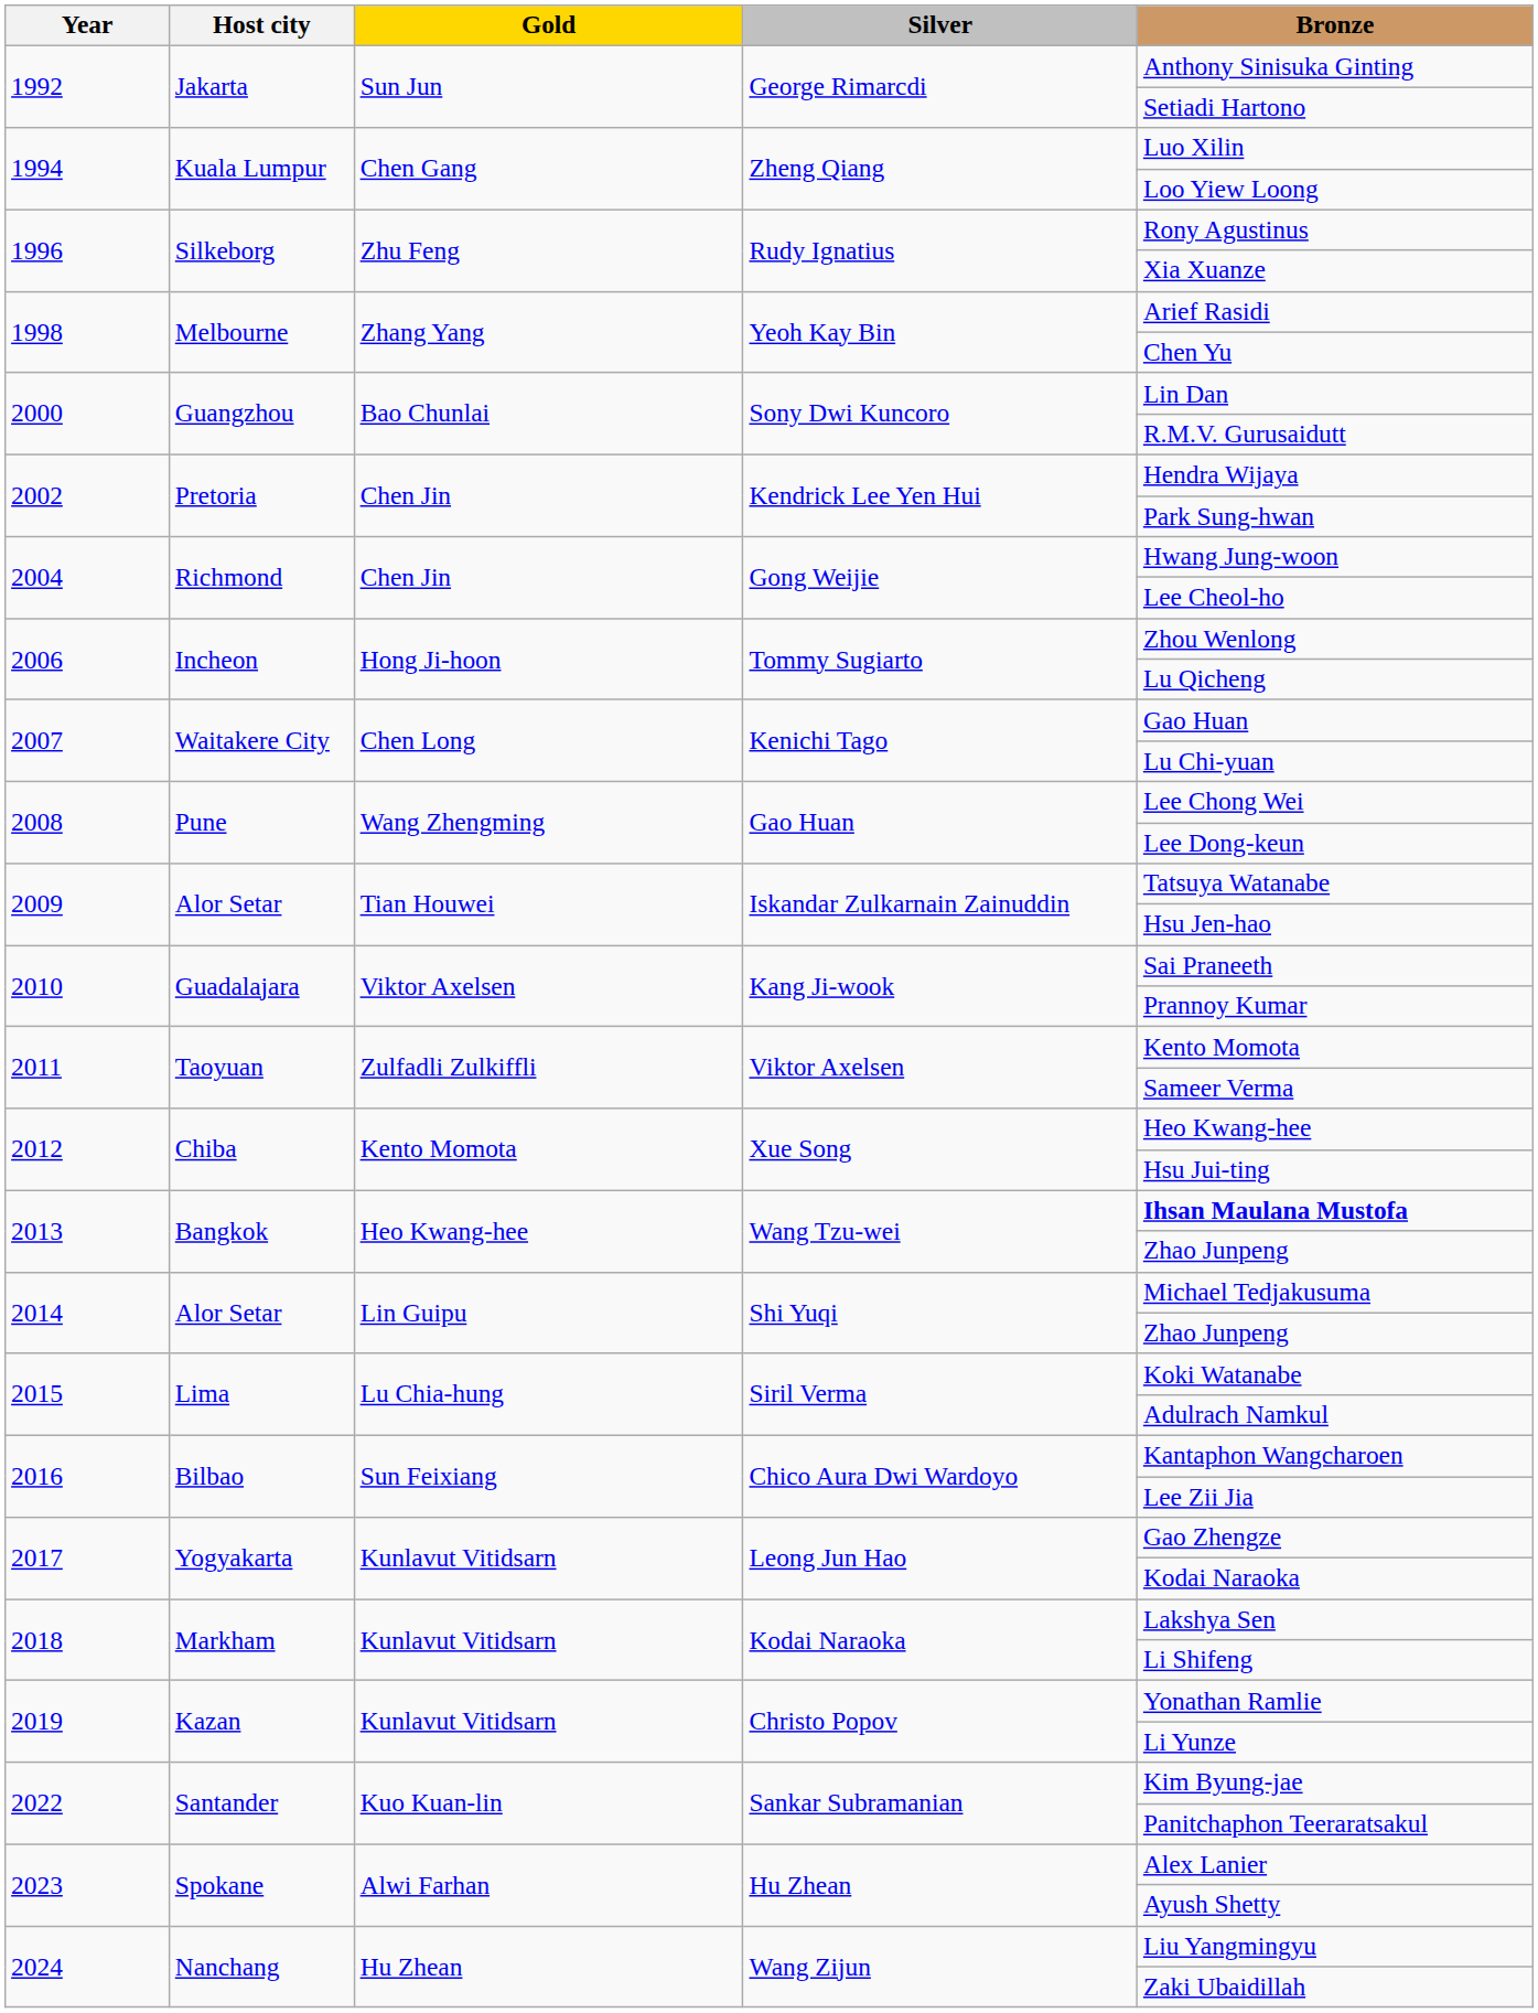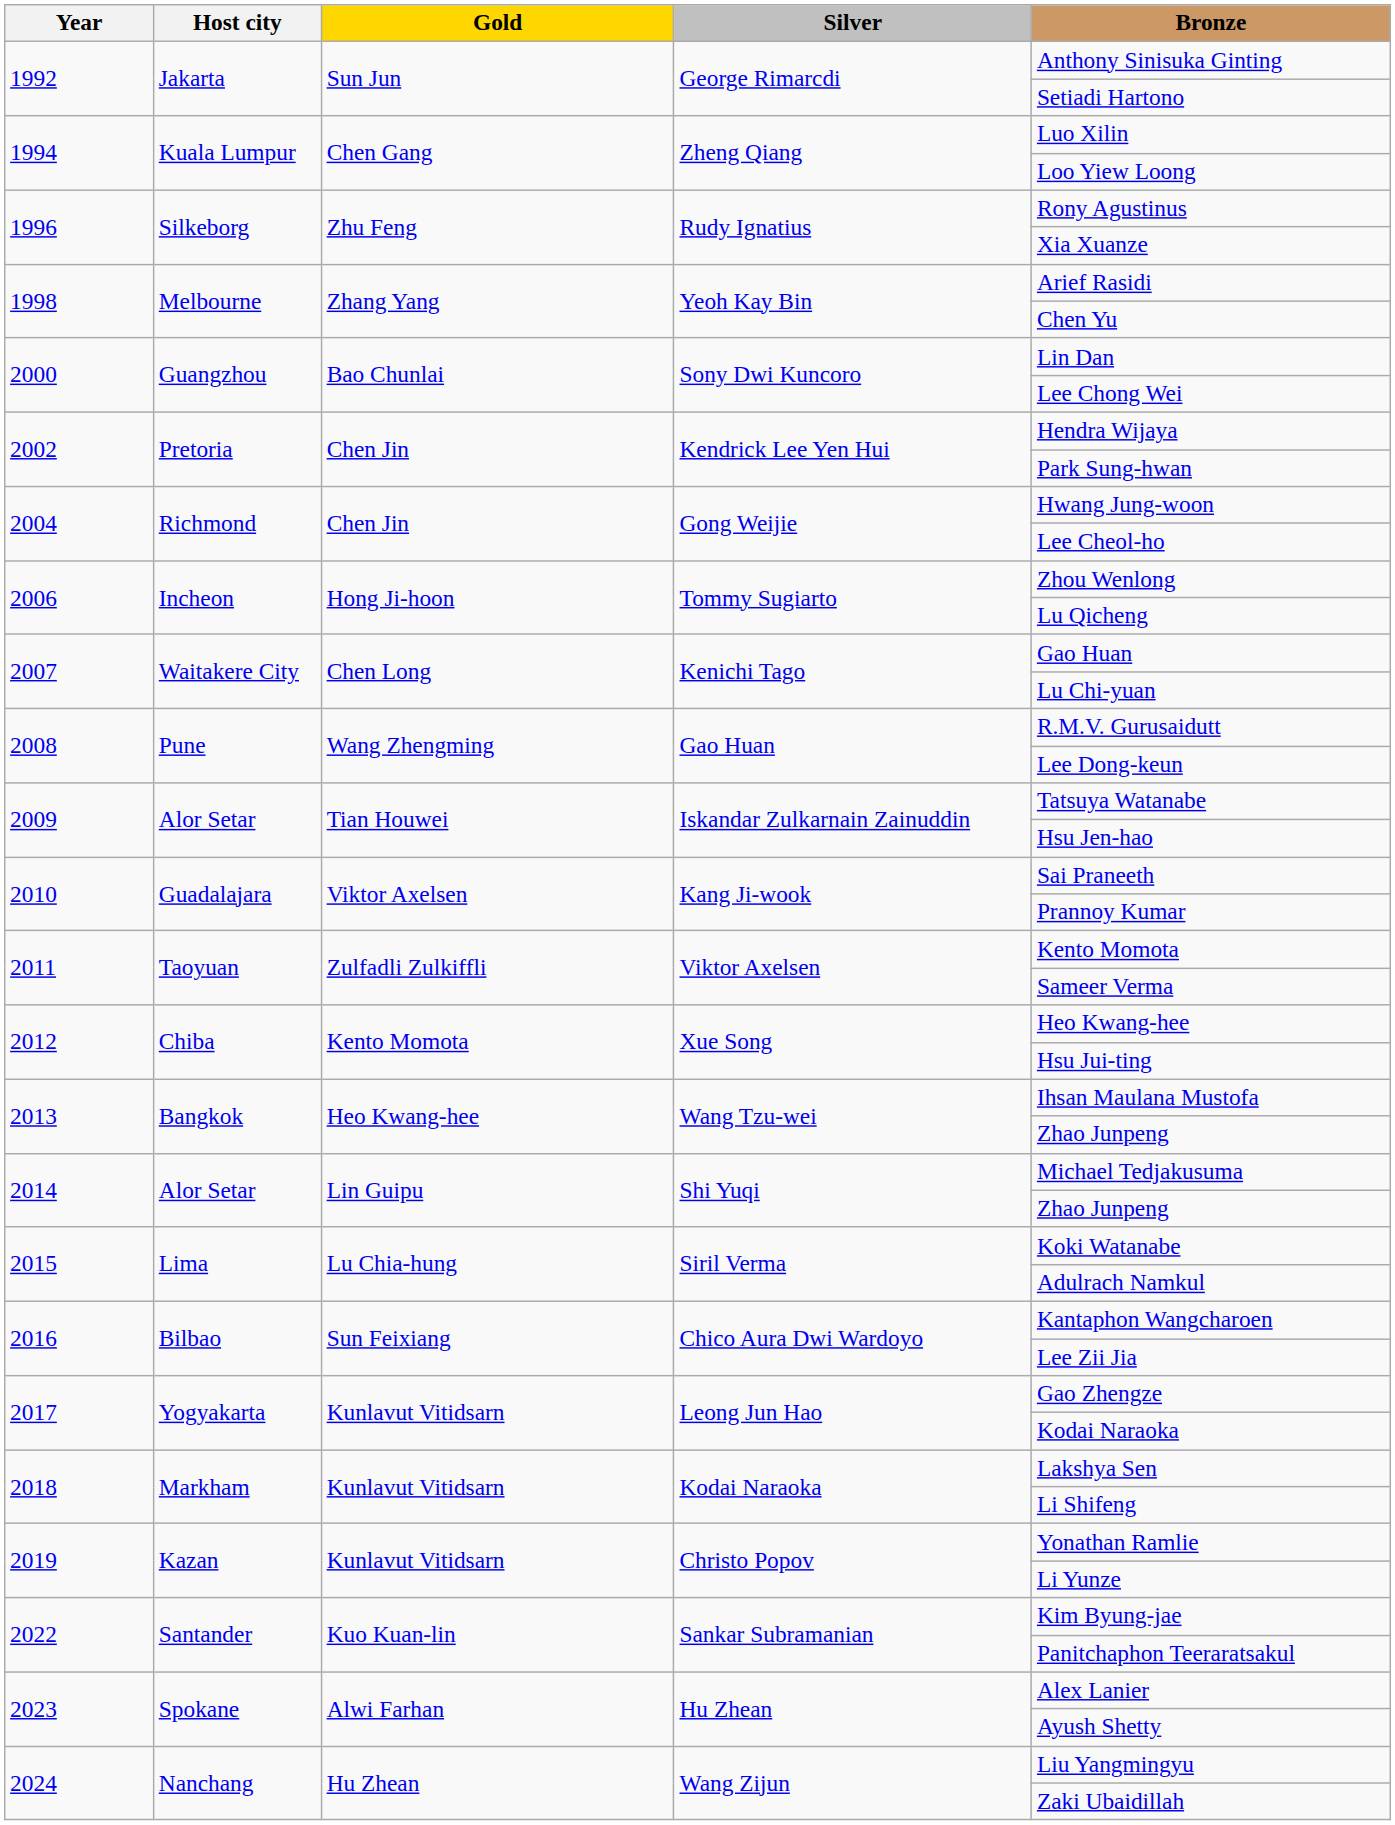 <table class="wikitable" style="text-align: left; width: 950px;">
 <tr>
 <th width="120">Year</th>
 <th width="120">Host city</th>
 <th width="300" style="background-color: gold">Gold</th>
 <th width="300" style="background-color: silver">Silver</th>
 <th width="300" style="background-color: #cc9966">Bronze</th>
 </tr>
 <tr>
 <td rowspan=2><a href='#'>1992</a></td>
 <td rowspan=2><a href='#'>Jakarta</a></td>
 <td rowspan=2> <a href='#'>Sun Jun</a></td>
 <td rowspan=2> <a href='#'>George Rimarcdi</a></td>
 <td> <a href='#'>Anthony Sinisuka Ginting</a></td>
 </tr>
 <tr>
 <td> <a href='#'>Setiadi Hartono</a></td>
 </tr>
 <tr>
 <td rowspan=2><a href='#'>1994</a></td>
 <td rowspan=2><a href='#'>Kuala Lumpur</a></td>
 <td rowspan=2> <a href='#'>Chen Gang</a></td>
 <td rowspan=2> <a href='#'>Zheng Qiang</a></td>
 <td> <a href='#'>Luo Xilin</a></td>
 </tr>
 <tr>
 <td> <a href='#'>Loo Yiew Loong</a></td>
 </tr>
 <tr>
 <td rowspan=2><a href='#'>1996</a></td>
 <td rowspan=2><a href='#'>Silkeborg</a></td>
 <td rowspan=2> <a href='#'>Zhu Feng</a></td>
 <td rowspan=2> <a href='#'>Rudy Ignatius</a></td>
 <td> <a href='#'>Rony Agustinus</a></td>
 </tr>
 <tr>
 <td> <a href='#'>Xia Xuanze</a></td>
 </tr>
 <tr>
 <td rowspan=2><a href='#'>1998</a></td>
 <td rowspan=2><a href='#'>Melbourne</a></td>
 <td rowspan=2> <a href='#'>Zhang Yang</a></td>
 <td rowspan=2> <a href='#'>Yeoh Kay Bin</a></td>
 <td> <a href='#'>Arief Rasidi</a></td>
 </tr>
 <tr>
 <td> <a href='#'>Chen Yu</a></td>
 </tr>
 <tr>
 <td rowspan=2><a href='#'>2000</a></td>
 <td rowspan=2><a href='#'>Guangzhou</a></td>
 <td rowspan=2> <a href='#'>Bao Chunlai</a></td>
 <td rowspan=2> <a href='#'>Sony Dwi Kuncoro</a></td>
 <td> <a href='#'>Lin Dan</a></td>
 </tr>
 <tr>
-<td> <a href='#'>R.M.V. Gurusaidutt</a></td>
+<td> <a href='#'>Lee Chong Wei</a></td>
 </tr>
 <tr>
 <td rowspan=2><a href='#'>2002</a></td>
 <td rowspan=2><a href='#'>Pretoria</a></td>
 <td rowspan=2> <a href='#'>Chen Jin</a></td>
 <td rowspan=2> <a href='#'>Kendrick Lee Yen Hui</a></td>
 <td> <a href='#'>Hendra Wijaya</a></td>
 </tr>
 <tr>
 <td> <a href='#'>Park Sung-hwan</a></td>
 </tr>
 <tr>
 <td rowspan=2><a href='#'>2004</a></td>
 <td rowspan=2><a href='#'>Richmond</a></td>
 <td rowspan=2> <a href='#'>Chen Jin</a></td>
 <td rowspan=2> <a href='#'>Gong Weijie</a></td>
 <td> <a href='#'>Hwang Jung-woon</a></td>
 </tr>
 <tr>
 <td> <a href='#'>Lee Cheol-ho</a></td>
 </tr>
 <tr>
 <td rowspan=2><a href='#'>2006</a></td>
 <td rowspan=2><a href='#'>Incheon</a></td>
 <td rowspan=2> <a href='#'>Hong Ji-hoon</a></td>
 <td rowspan=2> <a href='#'>Tommy Sugiarto</a></td>
 <td> <a href='#'>Zhou Wenlong</a></td>
 </tr>
 <tr>
 <td> <a href='#'>Lu Qicheng</a></td>
 </tr>
 <tr>
 <td rowspan=2><a href='#'>2007</a></td>
 <td rowspan=2><a href='#'>Waitakere City</a></td>
 <td rowspan=2> <a href='#'>Chen Long</a></td>
 <td rowspan=2> <a href='#'>Kenichi Tago</a></td>
 <td> <a href='#'>Gao Huan</a></td>
 </tr>
 <tr>
 <td> <a href='#'>Lu Chi-yuan</a></td>
 </tr>
 <tr>
 <td rowspan=2><a href='#'>2008</a></td>
 <td rowspan=2><a href='#'>Pune</a></td>
 <td rowspan=2> <a href='#'>Wang Zhengming</a></td>
 <td rowspan=2> <a href='#'>Gao Huan</a></td>
-<td> <a href='#'>Lee Chong Wei</a></td>
+<td> <a href='#'>R.M.V. Gurusaidutt</a></td>
 </tr>
 <tr>
 <td> <a href='#'>Lee Dong-keun</a></td>
 </tr>
 <tr>
 <td rowspan=2><a href='#'>2009</a></td>
 <td rowspan=2><a href='#'>Alor Setar</a></td>
 <td rowspan=2> <a href='#'>Tian Houwei</a></td>
 <td rowspan=2> <a href='#'>Iskandar Zulkarnain Zainuddin</a></td>
 <td> <a href='#'>Tatsuya Watanabe</a></td>
 </tr>
 <tr>
 <td> <a href='#'>Hsu Jen-hao</a></td>
 </tr>
 <tr>
 <td rowspan=2><a href='#'>2010</a></td>
 <td rowspan=2><a href='#'>Guadalajara</a></td>
 <td rowspan=2> <a href='#'>Viktor Axelsen</a></td>
 <td rowspan=2> <a href='#'>Kang Ji-wook</a></td>
 <td> <a href='#'>Sai Praneeth</a></td>
 </tr>
 <tr>
 <td> <a href='#'>Prannoy Kumar</a></td>
 </tr>
 <tr>
 <td rowspan=2><a href='#'>2011</a></td>
 <td rowspan=2><a href='#'>Taoyuan</a></td>
 <td rowspan=2> <a href='#'>Zulfadli Zulkiffli</a></td>
 <td rowspan=2> <a href='#'>Viktor Axelsen</a></td>
 <td> <a href='#'>Kento Momota</a></td>
 </tr>
 <tr>
 <td> <a href='#'>Sameer Verma</a></td>
 </tr>
 <tr>
 <td rowspan=2><a href='#'>2012</a></td>
 <td rowspan=2><a href='#'>Chiba</a></td>
 <td rowspan=2> <a href='#'>Kento Momota</a></td>
 <td rowspan=2> <a href='#'>Xue Song</a></td>
 <td> <a href='#'>Heo Kwang-hee</a></td>
 </tr>
 <tr>
 <td> <a href='#'>Hsu Jui-ting</a></td>
 </tr>
 <tr>
 <td rowspan=2><a href='#'>2013</a></td>
 <td rowspan=2><a href='#'>Bangkok</a></td>
 <td rowspan=2> <a href='#'>Heo Kwang-hee</a></td>
 <td rowspan=2> <a href='#'>Wang Tzu-wei</a></td>
-<td><strong> <a href='#'>Ihsan Maulana Mustofa</a></strong></td>
+<td> <a href='#'>Ihsan Maulana Mustofa</a></td>
 </tr>
 <tr>
 <td> <a href='#'>Zhao Junpeng</a></td>
 </tr>
 <tr>
 <td rowspan=2><a href='#'>2014</a></td>
 <td rowspan=2><a href='#'>Alor Setar</a></td>
 <td rowspan=2> <a href='#'>Lin Guipu</a></td>
 <td rowspan=2> <a href='#'>Shi Yuqi</a></td>
 <td> <a href='#'>Michael Tedjakusuma</a></td>
 </tr>
 <tr>
 <td> <a href='#'>Zhao Junpeng</a></td>
 </tr>
 <tr>
 <td rowspan=2><a href='#'>2015</a></td>
 <td rowspan=2><a href='#'>Lima</a></td>
 <td rowspan=2> <a href='#'>Lu Chia-hung</a></td>
 <td rowspan=2> <a href='#'>Siril Verma</a></td>
 <td> <a href='#'>Koki Watanabe</a></td>
 </tr>
 <tr>
 <td> <a href='#'>Adulrach Namkul</a></td>
 </tr>
 <tr>
 <td rowspan=2><a href='#'>2016</a></td>
 <td rowspan=2><a href='#'>Bilbao</a></td>
 <td rowspan=2> <a href='#'>Sun Feixiang</a></td>
 <td rowspan=2> <a href='#'>Chico Aura Dwi Wardoyo</a></td>
 <td> <a href='#'>Kantaphon Wangcharoen</a></td>
 </tr>
 <tr>
 <td> <a href='#'>Lee Zii Jia</a></td>
 </tr>
 <tr>
 <td rowspan=2><a href='#'>2017</a></td>
 <td rowspan=2><a href='#'>Yogyakarta</a></td>
 <td rowspan=2> <a href='#'>Kunlavut Vitidsarn</a></td>
 <td rowspan=2> <a href='#'>Leong Jun Hao</a></td>
 <td> <a href='#'>Gao Zhengze</a></td>
 </tr>
 <tr>
 <td> <a href='#'>Kodai Naraoka</a></td>
 </tr>
 <tr>
 <td rowspan=2><a href='#'>2018</a></td>
 <td rowspan=2><a href='#'>Markham</a></td>
 <td rowspan="2"> <a href='#'>Kunlavut Vitidsarn</a></td>
 <td rowspan=2> <a href='#'>Kodai Naraoka</a></td>
 <td> <a href='#'>Lakshya Sen</a></td>
 </tr>
 <tr>
 <td> <a href='#'>Li Shifeng</a></td>
 </tr>
 <tr>
 <td rowspan=2><a href='#'>2019</a></td>
 <td rowspan=2><a href='#'>Kazan</a></td>
 <td rowspan=2> <a href='#'>Kunlavut Vitidsarn</a></td>
 <td rowspan=2> <a href='#'>Christo Popov</a></td>
 <td> <a href='#'>Yonathan Ramlie</a></td>
 </tr>
 <tr>
 <td> <a href='#'>Li Yunze</a></td>
 </tr>
 <tr>
 <td rowspan=2><a href='#'>2022</a></td>
 <td rowspan=2><a href='#'>Santander</a></td>
 <td rowspan=2> <a href='#'>Kuo Kuan-lin</a></td>
 <td rowspan=2> <a href='#'>Sankar Subramanian</a></td>
 <td> <a href='#'>Kim Byung-jae</a></td>
 </tr>
 <tr>
 <td> <a href='#'>Panitchaphon Teeraratsakul</a></td>
 </tr>
 <tr>
 <td rowspan=2><a href='#'>2023</a></td>
 <td rowspan=2><a href='#'>Spokane</a></td>
 <td rowspan=2> <a href='#'>Alwi Farhan</a></td>
 <td rowspan=2> <a href='#'>Hu Zhean</a></td>
 <td> <a href='#'>Alex Lanier</a></td>
 </tr>
 <tr>
 <td> <a href='#'>Ayush Shetty</a></td>
 </tr>
 <tr>
 <td rowspan=2><a href='#'>2024</a></td>
 <td rowspan=2><a href='#'>Nanchang</a></td>
 <td rowspan=2> <a href='#'>Hu Zhean</a></td>
 <td rowspan=2> <a href='#'>Wang Zijun</a></td>
 <td> <a href='#'>Liu Yangmingyu</a></td>
 </tr>
 <tr>
 <td> <a href='#'>Zaki Ubaidillah</a></td>
 </tr>
 </table>
